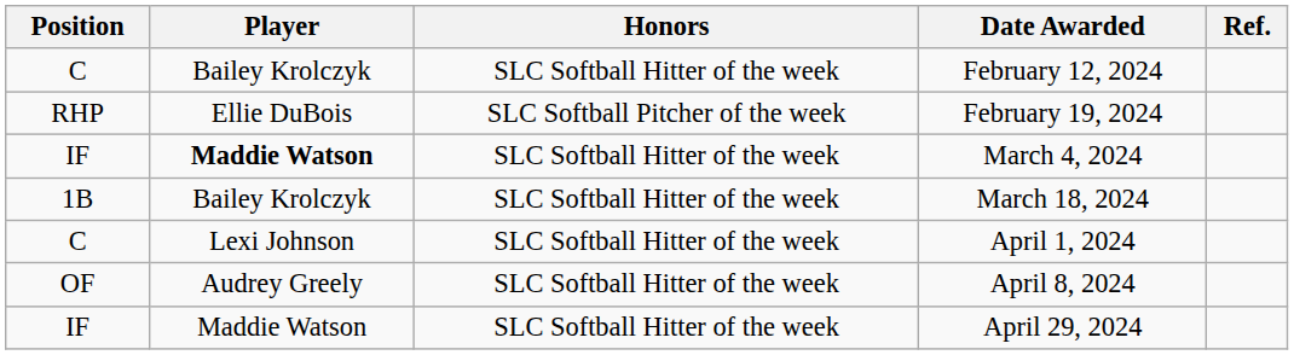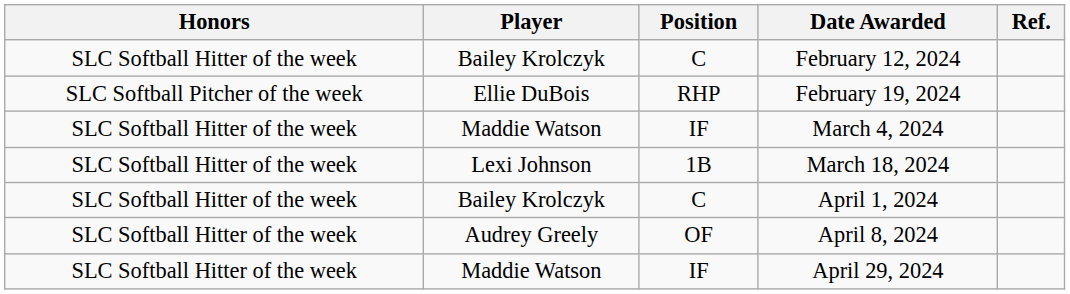 <table class="wikitable" style="width: 60%;text-align: center;">
 <tr>
+<th>Honors</th>
+<th>Player</th>
 <th>Position</th>
-<th>Player</th>
-<th>Honors</th>
 <th>Date Awarded</th>
 <th>Ref.</th>
 </tr>
 <tr align="center">
+<td rowspan="1">SLC Softball Hitter of the week</td>
+<td>Bailey Krolczyk</td>
 <td>C</td>
-<td>Bailey Krolczyk</td>
-<td rowspan="1">SLC Softball Hitter of the week</td>
 <td>February 12, 2024</td>
 <td></td>
 </tr>
 <tr align="center">
+<td rowspan="1">SLC Softball Pitcher of the week</td>
+<td>Ellie DuBois</td>
 <td>RHP</td>
-<td>Ellie DuBois</td>
-<td rowspan="1">SLC Softball Pitcher of the week</td>
 <td>February 19, 2024</td>
 <td></td>
 </tr>
 <tr align="center">
+<td rowspan="1">SLC Softball Hitter of the week</td>
+<td>Maddie Watson</td>
 <td>IF</td>
-<td><strong>Maddie Watson</strong></td>
-<td rowspan="1">SLC Softball Hitter of the week</td>
 <td>March 4, 2024</td>
 <td></td>
 </tr>
 <tr>
+<td rowspan="1">SLC Softball Hitter of the week</td>
+<td>Lexi Johnson</td>
 <td>1B</td>
-<td>Bailey Krolczyk</td>
-<td rowspan="1">SLC Softball Hitter of the week</td>
 <td>March 18, 2024</td>
 <td></td>
 </tr>
 <tr>
+<td rowspan="1">SLC Softball Hitter of the week</td>
+<td>Bailey Krolczyk</td>
 <td>C</td>
-<td>Lexi Johnson</td>
-<td rowspan="1">SLC Softball Hitter of the week</td>
 <td>April 1, 2024</td>
 <td></td>
 </tr>
 <tr>
+<td rowspan="1">SLC Softball Hitter of the week</td>
+<td>Audrey Greely</td>
 <td>OF</td>
-<td>Audrey Greely</td>
-<td rowspan="1">SLC Softball Hitter of the week</td>
 <td>April 8, 2024</td>
 <td></td>
 </tr>
 <tr>
+<td rowspan="1">SLC Softball Hitter of the week</td>
+<td>Maddie Watson</td>
 <td>IF</td>
-<td>Maddie Watson</td>
-<td rowspan="1">SLC Softball Hitter of the week</td>
 <td>April 29, 2024</td>
 <td></td>
 </tr>
 </table>
